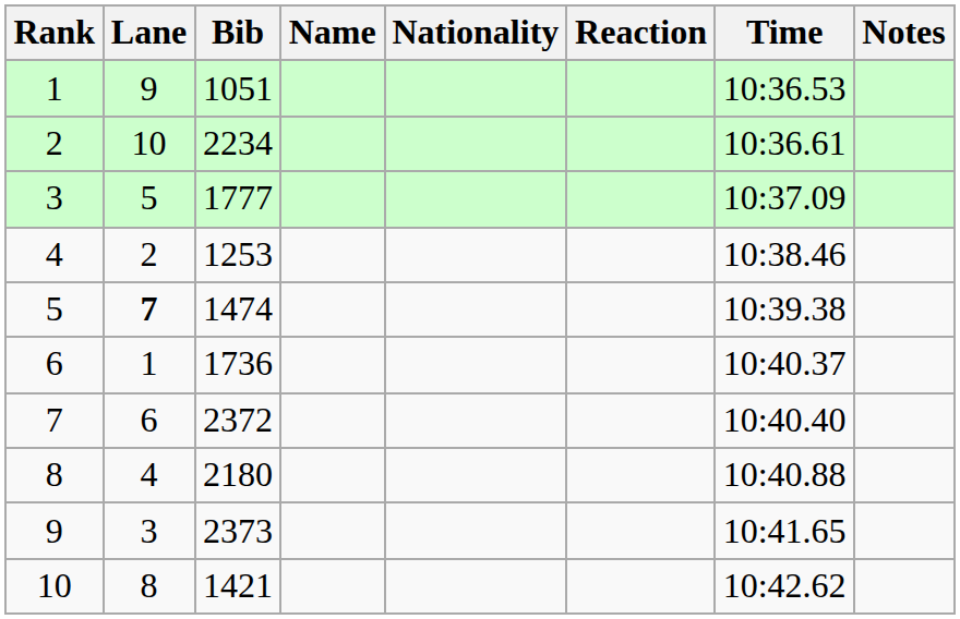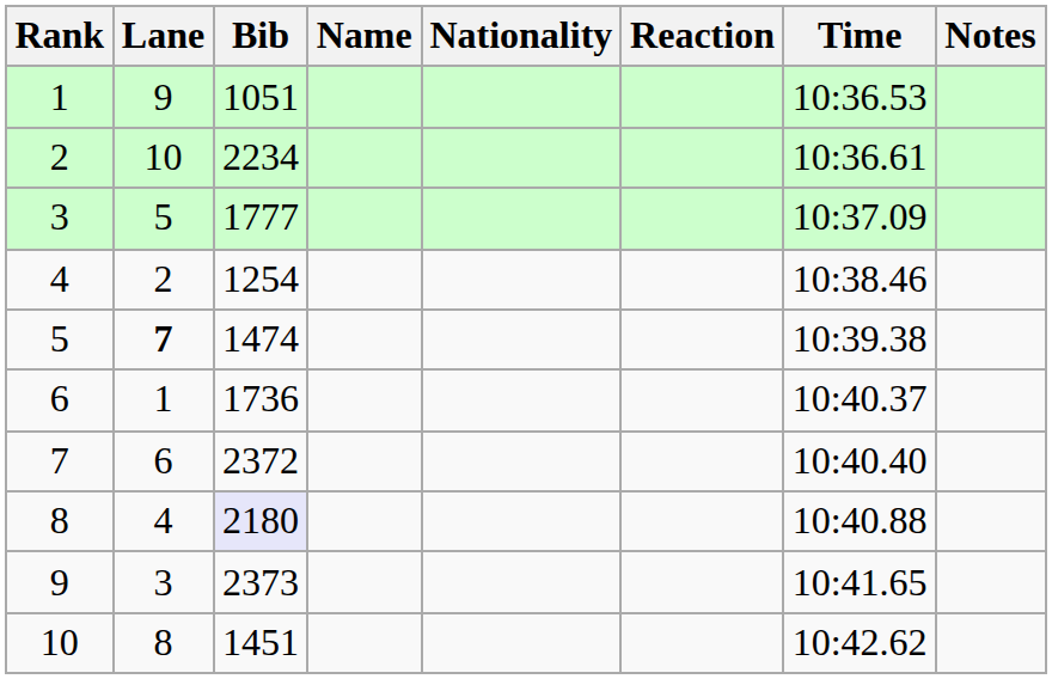 <table class="wikitable sortable" style="text-align:center">
 <tr>
 <th>Rank</th>
 <th>Lane</th>
 <th>Bib</th>
 <th>Name</th>
 <th>Nationality</th>
 <th>Reaction</th>
 <th>Time</th>
 <th>Notes</th>
 </tr>
 <tr bgcolor=ccffcc>
 <td>1</td>
 <td>9</td>
 <td>1051</td>
 <td align=left></td>
 <td align=left></td>
 <td></td>
 <td>10:36.53</td>
 <td><strong></strong></td>
 </tr>
 <tr bgcolor=ccffcc>
 <td>2</td>
 <td>10</td>
 <td>2234</td>
 <td align=left></td>
 <td align=left></td>
 <td></td>
 <td>10:36.61</td>
 <td><strong></strong></td>
 </tr>
 <tr bgcolor=ccffcc>
 <td>3</td>
 <td>5</td>
 <td>1777</td>
 <td align=left></td>
 <td align=left></td>
 <td></td>
 <td>10:37.09</td>
 <td><strong></strong></td>
 </tr>
 <tr>
 <td>4</td>
 <td>2</td>
-<td>1253</td>
+<td>1254</td>
 <td align=left></td>
 <td align=left></td>
 <td></td>
 <td>10:38.46</td>
 <td></td>
 </tr>
 <tr>
 <td>5</td>
 <td><strong>7</strong></td>
 <td>1474</td>
 <td align=left></td>
 <td align=left></td>
 <td></td>
 <td>10:39.38</td>
 <td></td>
 </tr>
 <tr>
 <td>6</td>
 <td>1</td>
 <td>1736</td>
 <td align=left></td>
 <td align=left></td>
 <td></td>
 <td>10:40.37</td>
 <td></td>
 </tr>
 <tr>
 <td>7</td>
 <td>6</td>
 <td>2372</td>
 <td align=left></td>
 <td align=left></td>
 <td></td>
 <td>10:40.40</td>
 <td></td>
 </tr>
 <tr>
 <td>8</td>
 <td>4</td>
-<td>2180</td>
+<td style="background: lavender;">2180</td>
 <td align=left></td>
 <td align=left></td>
 <td></td>
 <td>10:40.88</td>
 <td></td>
 </tr>
 <tr>
 <td>9</td>
 <td>3</td>
 <td>2373</td>
 <td align=left></td>
 <td align=left></td>
 <td></td>
 <td>10:41.65</td>
 <td></td>
 </tr>
 <tr>
 <td>10</td>
 <td>8</td>
-<td>1421</td>
+<td>1451</td>
 <td align=left></td>
 <td align=left></td>
 <td></td>
 <td>10:42.62</td>
 <td></td>
 </tr>
 </table>
